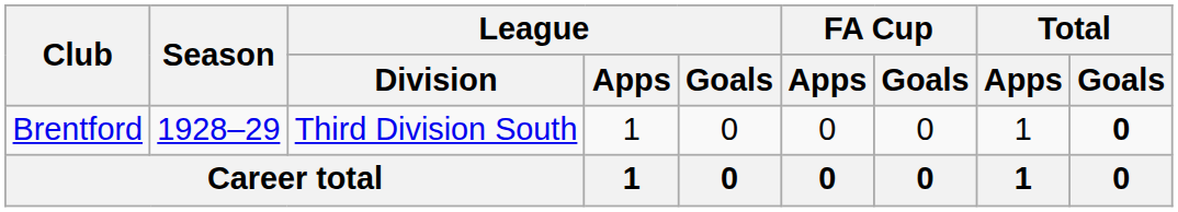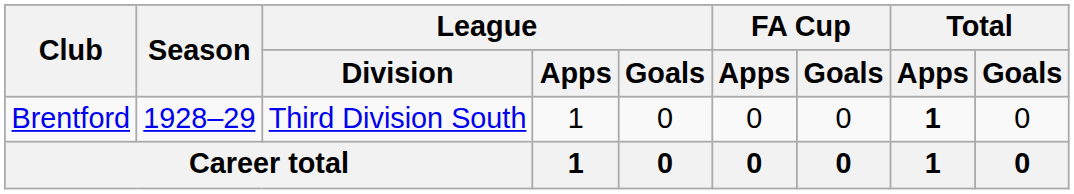 <table class="wikitable" style="text-align: center;">
 <tr>
 <th rowspan="2">Club</th>
 <th rowspan="2">Season</th>
 <th colspan="3">League</th>
 <th colspan="2">FA Cup</th>
 <th colspan="2">Total</th>
 </tr>
 <tr>
 <th>Division</th>
 <th>Apps</th>
 <th>Goals</th>
 <th>Apps</th>
 <th>Goals</th>
 <th>Apps</th>
 <th>Goals</th>
 </tr>
 <tr>
 <td><a href='#'>Brentford</a></td>
 <td><a href='#'>1928–29</a></td>
 <td><a href='#'>Third Division South</a></td>
 <td>1</td>
 <td>0</td>
 <td>0</td>
 <td>0</td>
-<td>1</td>
-<td><strong>0</strong></td>
+<td><strong>1</strong></td>
+<td>0</td>
 </tr>
 <tr>
 <th colspan="3">Career total</th>
 <th>1</th>
 <th>0</th>
 <th>0</th>
 <th>0</th>
 <th>1</th>
 <th>0</th>
 </tr>
 </table>
